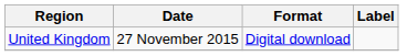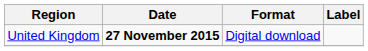 <table class=wikitable>
 <tr>
 <th>Region</th>
 <th>Date</th>
 <th>Format</th>
 <th>Label</th>
 </tr>
 <tr>
 <td><a href='#'>United Kingdom</a></td>
-<td>27 November 2015</td>
+<td><strong>27 November 2015</strong></td>
 <td><a href='#'>Digital download</a></td>
 <td></td>
 </tr>
 <tr>
 </tr>
 </table>
